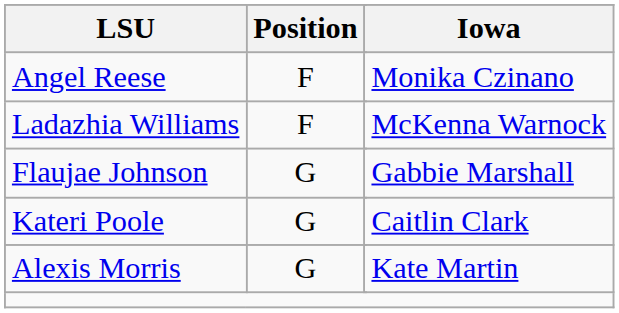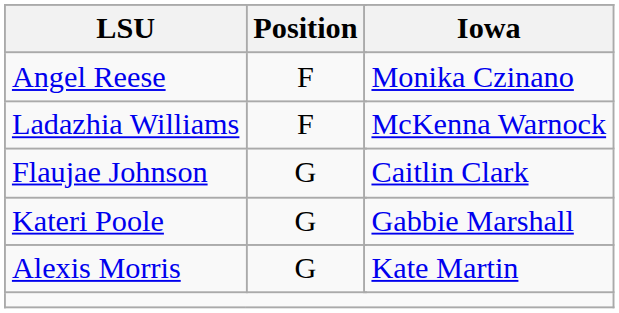 <table class="wikitable">
 <tr>
 <th>LSU</th>
 <th colspan="2">Position</th>
 <th>Iowa</th>
 </tr>
 <tr>
 <td><a href='#'>Angel Reese</a></td>
 <td colspan=2 style="text-align:center">F</td>
 <td><a href='#'>Monika Czinano</a></td>
 </tr>
 <tr>
 <td><a href='#'>Ladazhia Williams</a></td>
 <td colspan=2 style="text-align:center">F</td>
 <td><a href='#'>McKenna Warnock</a></td>
 </tr>
 <tr>
 <td><a href='#'>Flaujae Johnson</a></td>
 <td colspan=2 style="text-align:center">G</td>
-<td><a href='#'>Gabbie Marshall</a></td>
+<td><a href='#'>Caitlin Clark</a></td>
 </tr>
 <tr>
 <td><a href='#'>Kateri Poole</a></td>
 <td colspan=2 style="text-align:center">G</td>
-<td><a href='#'>Caitlin Clark</a></td>
+<td><a href='#'>Gabbie Marshall</a></td>
 </tr>
 <tr>
 <td><a href='#'>Alexis Morris</a></td>
 <td colspan=2 style="text-align:center">G</td>
 <td><a href='#'>Kate Martin</a></td>
 </tr>
 <tr>
 <td style="text-align:center" colspan=4></td>
 </tr>
 </table>
